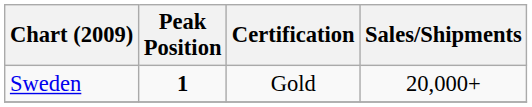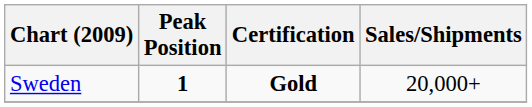 <table class="wikitable sortable">
 <tr>
 <th>Chart (2009)</th>
 <th>Peak<br>Position</th>
 <th>Certification</th>
 <th>Sales/Shipments</th>
 </tr>
 <tr>
 <td><a href='#'>Sweden</a></td>
 <td align="center"><strong>1</strong></td>
-<td align="center">Gold</td>
+<td align="center"><strong>Gold</strong></td>
 <td align="center">20,000+</td>
 </tr>
 <tr>
 </tr>
 </table>
